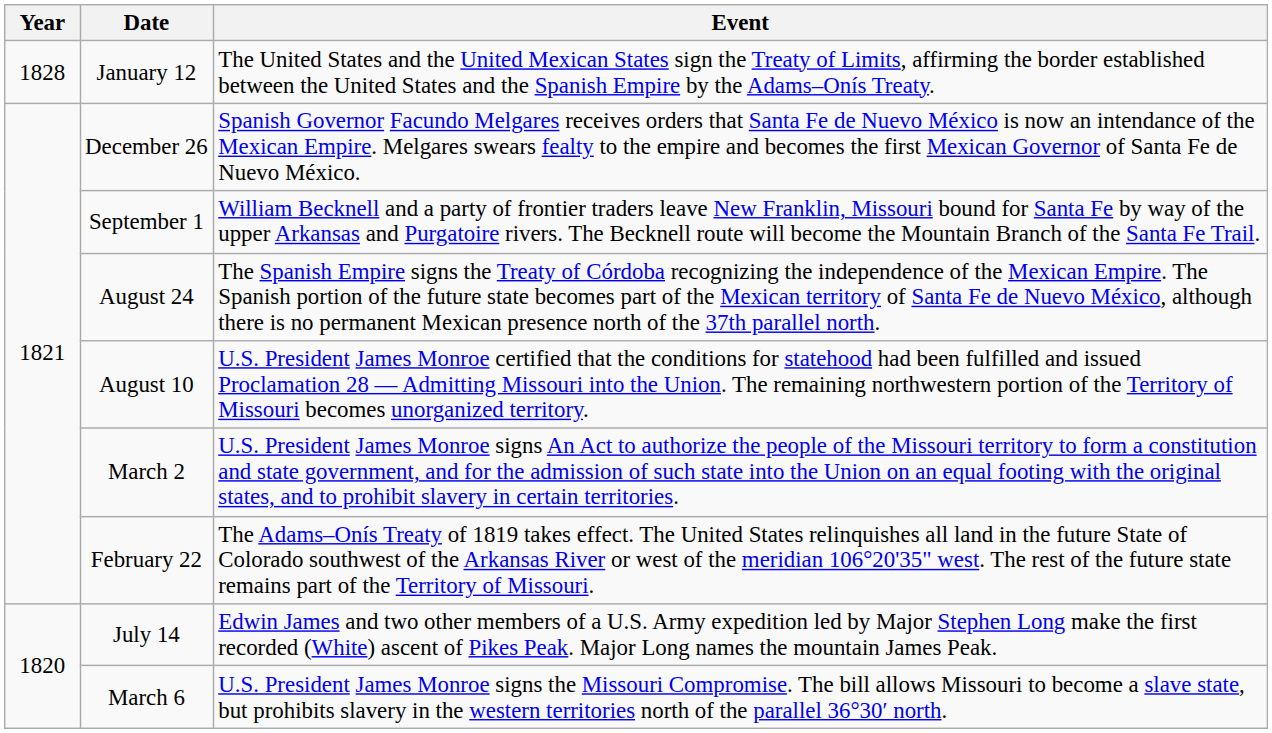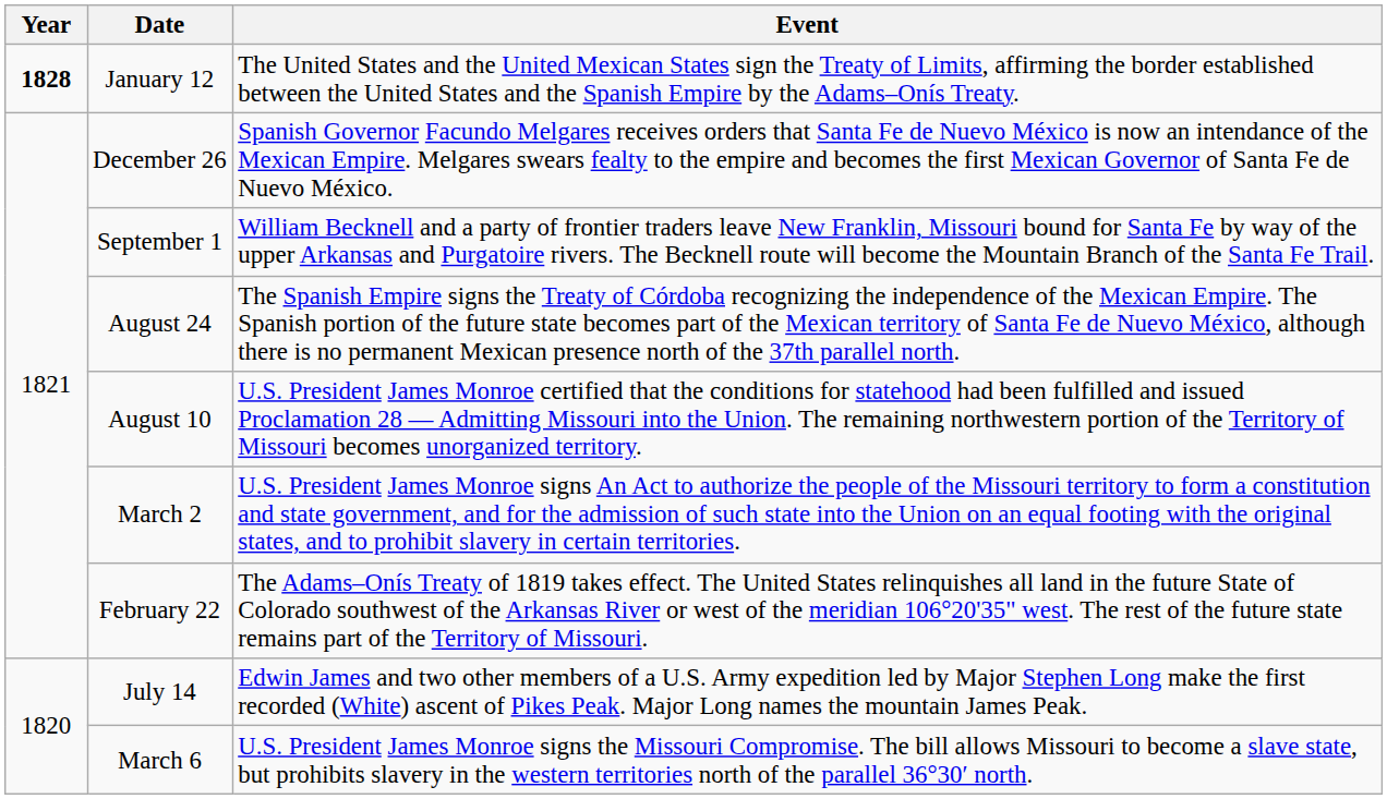 <table class="wikitable" style="width:100%;">
 <tr>
 <th style="width:6%">Year</th>
 <th style="width:8%">Date</th>
 <th style="width:86%">Event</th>
 </tr>
 <tr>
-<td align=center rowspan=1>1828</td>
+<td align=center rowspan=1><strong>1828</strong></td>
 <td align=center>January 12</td>
 <td>The United States and the <a href='#'>United Mexican States</a> sign the <a href='#'>Treaty of Limits</a>, affirming the border established between the United States and the <a href='#'>Spanish Empire</a> by the <a href='#'>Adams–Onís Treaty</a>.</td>
 </tr>
 <tr>
 <td align=center rowspan=6>1821</td>
 <td align=center>December 26</td>
 <td><a href='#'>Spanish Governor</a> <a href='#'>Facundo Melgares</a> receives orders that <a href='#'>Santa Fe de Nuevo México</a> is now an intendance of the <a href='#'>Mexican Empire</a>. Melgares swears <a href='#'>fealty</a> to the empire and becomes the first <a href='#'>Mexican Governor</a> of Santa Fe de Nuevo México.</td>
 </tr>
 <tr>
 <td align=center>September 1</td>
 <td><a href='#'>William Becknell</a> and a party of frontier traders leave <a href='#'>New Franklin, Missouri</a> bound for <a href='#'>Santa Fe</a> by way of the upper <a href='#'>Arkansas</a> and <a href='#'>Purgatoire</a> rivers. The Becknell route will become the Mountain Branch of the <a href='#'>Santa Fe Trail</a>.</td>
 </tr>
 <tr>
 <td align=center>August 24</td>
 <td>The <a href='#'>Spanish Empire</a> signs the <a href='#'>Treaty of Córdoba</a> recognizing the independence of the <a href='#'>Mexican Empire</a>. The Spanish portion of the future state becomes part of the <a href='#'>Mexican territory</a> of <a href='#'>Santa Fe de Nuevo México</a>, although there is no permanent Mexican presence north of the <a href='#'>37th parallel north</a>.</td>
 </tr>
 <tr>
 <td align=center>August 10</td>
 <td><a href='#'>U.S. President</a> <a href='#'>James Monroe</a> certified that the conditions for <a href='#'>statehood</a> had been fulfilled and issued <a href='#'>Proclamation 28 — Admitting Missouri into the Union</a>. The remaining northwestern portion of the <a href='#'>Territory of Missouri</a> becomes <a href='#'>unorganized territory</a>.</td>
 </tr>
 <tr>
 <td align=center>March 2</td>
 <td><a href='#'>U.S. President</a> <a href='#'>James Monroe</a> signs <a href='#'>An Act to authorize the people of the Missouri territory to form a constitution and state government, and for the admission of such state into the Union on an equal footing with the original states, and to prohibit slavery in certain territories</a>.</td>
 </tr>
 <tr>
 <td align=center>February 22</td>
 <td>The <a href='#'>Adams–Onís Treaty</a> of 1819 takes effect. The United States relinquishes all land in the future State of Colorado southwest of the <a href='#'>Arkansas River</a> or west of the <a href='#'>meridian 106°20'35" west</a>. The rest of the future state remains part of the <a href='#'>Territory of Missouri</a>.</td>
 </tr>
 <tr>
 <td align=center rowspan=2>1820</td>
 <td align=center>July 14</td>
 <td><a href='#'>Edwin James</a> and two other members of a U.S. Army expedition led by Major <a href='#'>Stephen Long</a> make the first recorded (<a href='#'>White</a>) ascent of <a href='#'>Pikes Peak</a>. Major Long names the mountain James Peak.</td>
 </tr>
 <tr>
 <td align=center>March 6</td>
 <td><a href='#'>U.S. President</a> <a href='#'>James Monroe</a> signs the <a href='#'>Missouri Compromise</a>. The bill allows Missouri to become a <a href='#'>slave state</a>, but prohibits slavery in the <a href='#'>western territories</a> north of the <a href='#'>parallel 36°30′ north</a>.</td>
 </tr>
 </table>
